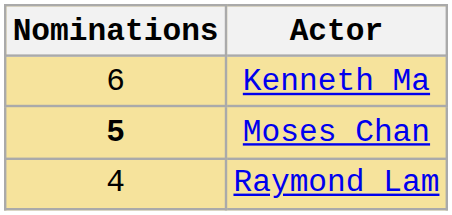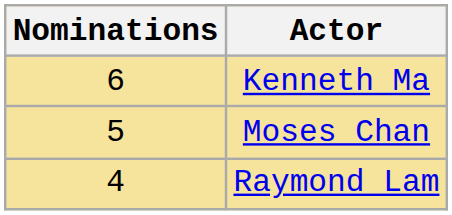 <table class="wikitable" rowspan=2 style="text-align: center; background: #f6e39c">
 <tr>
 <th scope="col" width="55">Nominations</th>
 <th scope="col" align="center">Actor</th>
 </tr>
 <tr>
 <td rowspan=1 style="text-align:center;">6</td>
 <td><a href='#'>Kenneth Ma</a></td>
 </tr>
 <tr>
-<td rowspan=1 style="text-align:center;"><strong>5</strong></td>
+<td rowspan=1 style="text-align:center;">5</td>
 <td><a href='#'>Moses Chan</a></td>
 </tr>
 <tr>
 <td rowspan=1 style="text-align:center;">4</td>
 <td><a href='#'>Raymond Lam</a></td>
 </tr>
 </table>
